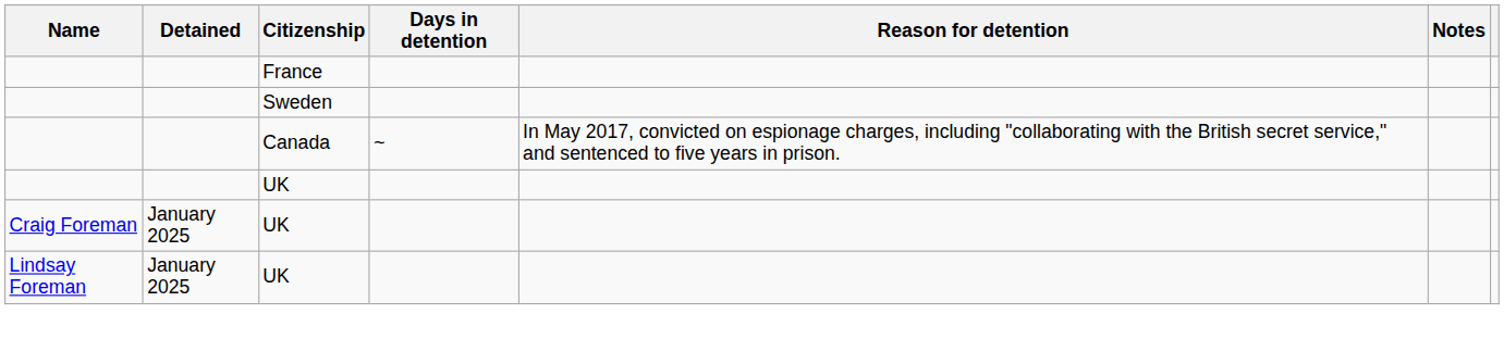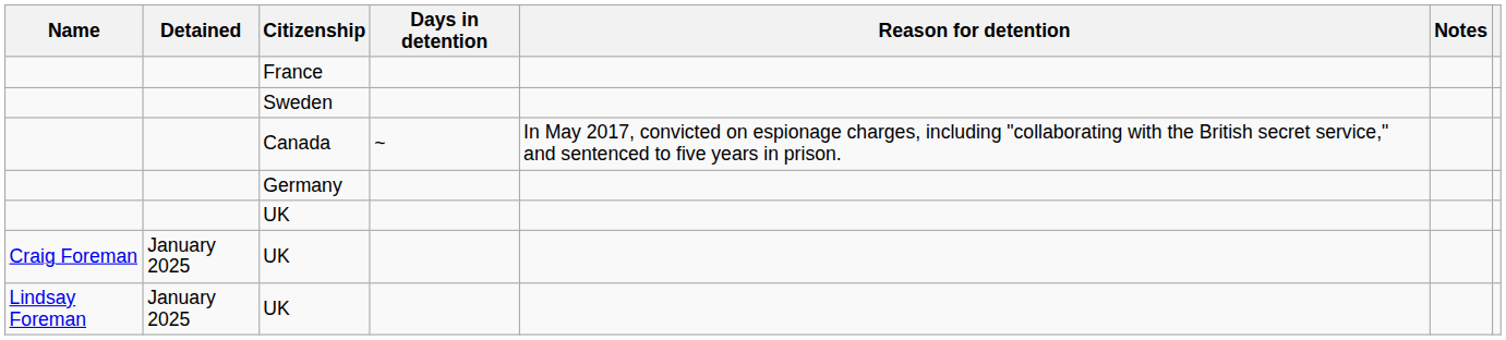 <table class="wikitable sortable static-row-numbers">
 <tr>
 <th>Name</th>
 <th>Detained</th>
 <th>Citizenship</th>
 <th>Days in detention</th>
 <th>Reason for detention</th>
 <th>Notes</th>
 <th class="unsortable"></th>
 </tr>
 <tr>
 <td></td>
 <td></td>
 <td>France</td>
 <td></td>
 <td></td>
 <td></td>
 <td align="center"></td>
 </tr>
 <tr>
 <td></td>
 <td></td>
 <td>Sweden</td>
 <td></td>
 <td></td>
 <td></td>
 <td align="center"></td>
 </tr>
 <tr>
 <td></td>
 <td></td>
 <td>Canada</td>
 <td>~</td>
 <td>In May 2017, convicted on espionage charges, including "collaborating with the British secret service," and sentenced to five years in prison.</td>
 <td></td>
 <td align="center"></td>
 </tr>
 <tr>
 <td></td>
 <td></td>
+<td>Germany</td>
+<td></td>
+<td></td>
+<td></td>
+<td align="center"></td>
+</tr>
+<tr>
+<td></td>
+<td></td>
 <td>UK</td>
 <td></td>
 <td></td>
 <td></td>
 <td align="center"></td>
 </tr>
 <tr>
 <td><a href='#'> Craig Foreman</a></td>
 <td>January 2025</td>
 <td>UK</td>
 <td></td>
 <td></td>
 <td></td>
 <td></td>
 </tr>
 <tr>
 <td><a href='#'> Lindsay Foreman</a></td>
 <td>January 2025</td>
 <td>UK</td>
 <td></td>
 <td></td>
 <td></td>
 <td></td>
 </tr>
 </table>
